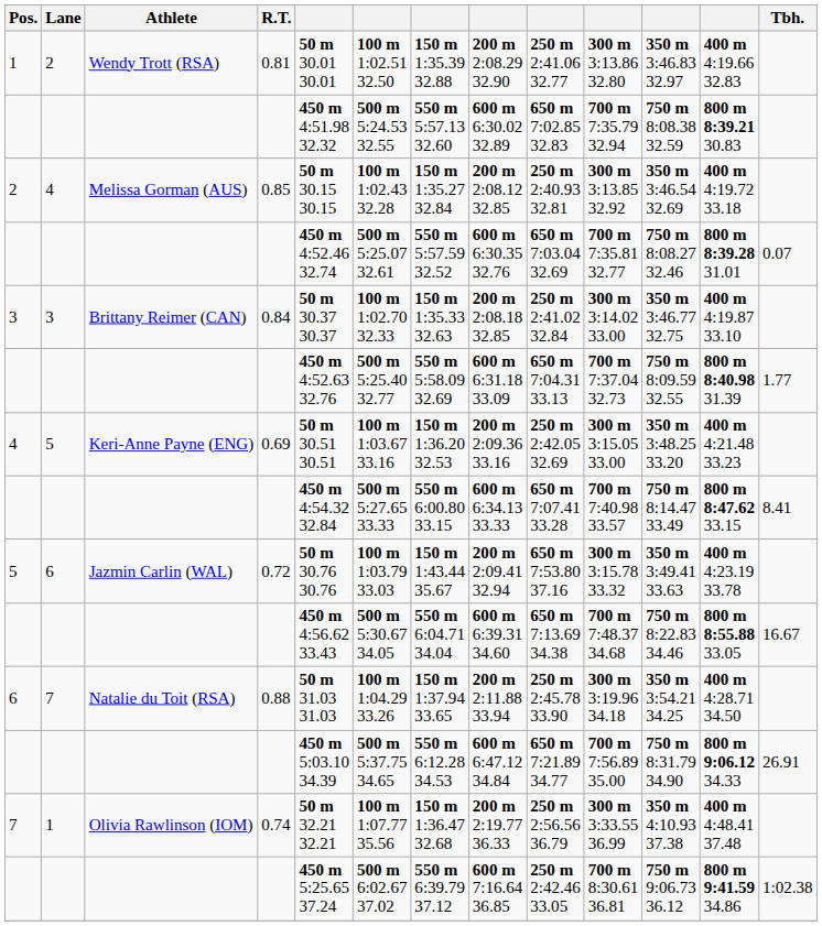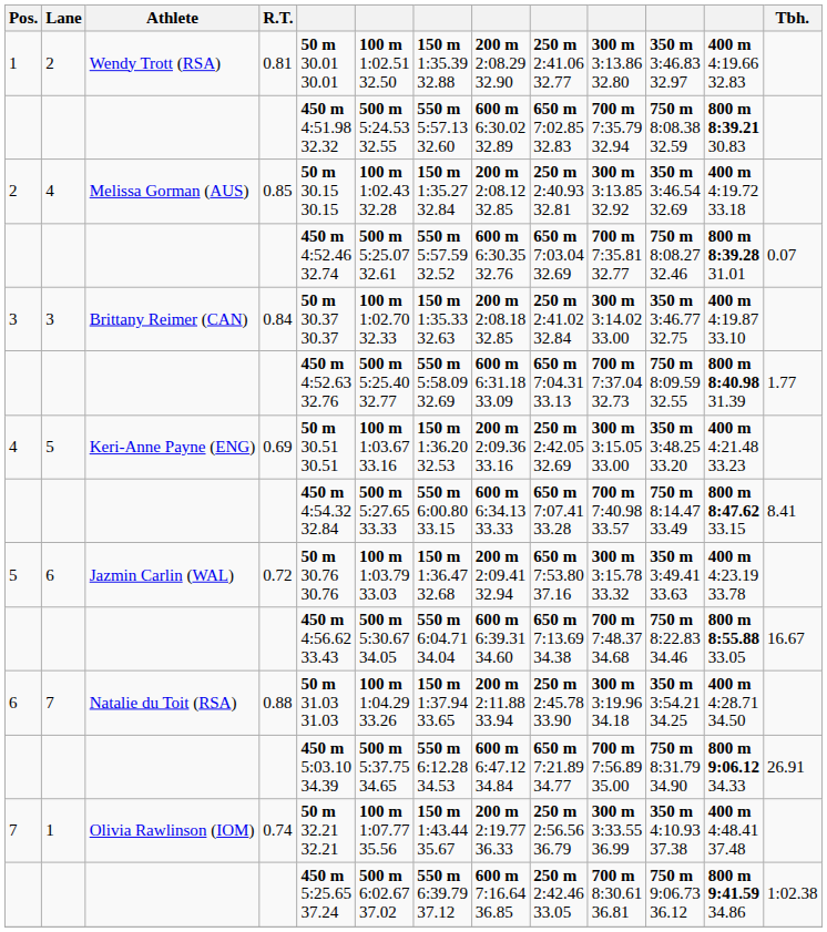 <table class="wikitable">
 <tr>
 <th>Pos.</th>
 <th>Lane</th>
 <th>Athlete</th>
 <th>R.T.</th>
 <th></th>
 <th></th>
 <th></th>
 <th></th>
 <th></th>
 <th></th>
 <th></th>
 <th></th>
 <th>Tbh.</th>
 </tr>
 <tr>
 <td>1</td>
 <td>2</td>
 <td> <a href='#'>Wendy Trott</a> (<a href='#'>RSA</a>)</td>
 <td>0.81</td>
 <td><strong>50 m</strong><br>30.01<br>30.01</td>
 <td><strong>100 m</strong><br>1:02.51<br>32.50</td>
 <td><strong>150 m</strong><br>1:35.39<br>32.88</td>
 <td><strong>200 m</strong><br>2:08.29<br>32.90</td>
 <td><strong>250 m</strong><br>2:41.06<br>32.77</td>
 <td><strong>300 m</strong><br>3:13.86<br>32.80</td>
 <td><strong>350 m</strong><br>3:46.83<br>32.97</td>
 <td><strong>400 m</strong><br>4:19.66<br>32.83</td>
 <td></td>
 </tr>
 <tr>
 <td></td>
 <td></td>
 <td></td>
 <td></td>
 <td><strong>450 m</strong><br>4:51.98<br>32.32</td>
 <td><strong>500 m</strong><br>5:24.53<br>32.55</td>
 <td><strong>550 m</strong><br>5:57.13<br>32.60</td>
 <td><strong>600 m</strong><br>6:30.02<br>32.89</td>
 <td><strong>650 m</strong><br>7:02.85<br>32.83</td>
 <td><strong>700 m</strong><br>7:35.79<br>32.94</td>
 <td><strong>750 m</strong><br>8:08.38<br>32.59</td>
 <td><strong>800 m</strong><br><strong>8:39.21</strong><br>30.83</td>
 <td> </td>
 </tr>
 <tr>
 <td>2</td>
 <td>4</td>
 <td> <a href='#'>Melissa Gorman</a> (<a href='#'>AUS</a>)</td>
 <td>0.85</td>
 <td><strong>50 m</strong><br>30.15<br>30.15</td>
 <td><strong>100 m</strong><br>1:02.43<br>32.28</td>
 <td><strong>150 m</strong><br>1:35.27<br>32.84</td>
 <td><strong>200 m</strong><br>2:08.12<br>32.85</td>
 <td><strong>250 m</strong><br>2:40.93<br>32.81</td>
 <td><strong>300 m</strong><br>3:13.85<br>32.92</td>
 <td><strong>350 m</strong><br>3:46.54<br>32.69</td>
 <td><strong>400 m</strong><br>4:19.72<br>33.18</td>
 <td></td>
 </tr>
 <tr>
 <td></td>
 <td></td>
 <td></td>
 <td></td>
 <td><strong>450 m</strong><br>4:52.46<br>32.74</td>
 <td><strong>500 m</strong><br>5:25.07<br>32.61</td>
 <td><strong>550 m</strong><br>5:57.59<br>32.52</td>
 <td><strong>600 m</strong><br>6:30.35<br>32.76</td>
 <td><strong>650 m</strong><br>7:03.04<br>32.69</td>
 <td><strong>700 m</strong><br>7:35.81<br>32.77</td>
 <td><strong>750 m</strong><br>8:08.27<br>32.46</td>
 <td><strong>800 m</strong><br><strong>8:39.28</strong><br>31.01</td>
 <td>0.07</td>
 </tr>
 <tr>
 <td>3</td>
 <td>3</td>
 <td> <a href='#'>Brittany Reimer</a> (<a href='#'>CAN</a>)</td>
 <td>0.84</td>
 <td><strong>50 m</strong><br>30.37<br>30.37</td>
 <td><strong>100 m</strong><br>1:02.70<br>32.33</td>
 <td><strong>150 m</strong><br>1:35.33<br>32.63</td>
 <td><strong>200 m</strong><br>2:08.18<br>32.85</td>
 <td><strong>250 m</strong><br>2:41.02<br>32.84</td>
 <td><strong>300 m</strong><br>3:14.02<br>33.00</td>
 <td><strong>350 m</strong><br>3:46.77<br>32.75</td>
 <td><strong>400 m</strong><br>4:19.87<br>33.10</td>
 <td></td>
 </tr>
 <tr>
 <td></td>
 <td></td>
 <td></td>
 <td></td>
 <td><strong>450 m</strong><br>4:52.63<br>32.76</td>
 <td><strong>500 m</strong><br>5:25.40<br>32.77</td>
 <td><strong>550 m</strong><br>5:58.09<br>32.69</td>
 <td><strong>600 m</strong><br>6:31.18<br>33.09</td>
 <td><strong>650 m</strong><br>7:04.31<br>33.13</td>
 <td><strong>700 m</strong><br>7:37.04<br>32.73</td>
 <td><strong>750 m</strong><br>8:09.59<br>32.55</td>
 <td><strong>800 m</strong><br><strong>8:40.98</strong><br>31.39</td>
 <td>1.77</td>
 </tr>
 <tr>
 <td>4</td>
 <td>5</td>
 <td> <a href='#'>Keri-Anne Payne</a> (<a href='#'>ENG</a>)</td>
 <td>0.69</td>
 <td><strong>50 m</strong><br>30.51<br>30.51</td>
 <td><strong>100 m</strong><br>1:03.67<br>33.16</td>
 <td><strong>150 m</strong><br>1:36.20<br>32.53</td>
 <td><strong>200 m</strong><br>2:09.36<br>33.16</td>
 <td><strong>250 m</strong><br>2:42.05<br>32.69</td>
 <td><strong>300 m</strong><br>3:15.05<br>33.00</td>
 <td><strong>350 m</strong><br>3:48.25<br>33.20</td>
 <td><strong>400 m</strong><br>4:21.48<br>33.23</td>
 <td></td>
 </tr>
 <tr>
 <td></td>
 <td></td>
 <td></td>
 <td></td>
 <td><strong>450 m</strong><br>4:54.32<br>32.84</td>
 <td><strong>500 m</strong><br>5:27.65<br>33.33</td>
 <td><strong>550 m</strong><br>6:00.80<br>33.15</td>
 <td><strong>600 m</strong><br>6:34.13<br>33.33</td>
 <td><strong>650 m</strong><br>7:07.41<br>33.28</td>
 <td><strong>700 m</strong><br>7:40.98<br>33.57</td>
 <td><strong>750 m</strong><br>8:14.47<br>33.49</td>
 <td><strong>800 m</strong><br><strong>8:47.62</strong><br>33.15</td>
 <td>8.41</td>
 </tr>
 <tr>
 <td>5</td>
 <td>6</td>
 <td> <a href='#'>Jazmin Carlin</a> (<a href='#'>WAL</a>)</td>
 <td>0.72</td>
 <td><strong>50 m</strong><br>30.76<br>30.76</td>
 <td><strong>100 m</strong><br>1:03.79<br>33.03</td>
-<td><strong>150 m</strong><br>1:43.44<br>35.67</td>
+<td><strong>150 m</strong><br>1:36.47<br>32.68</td>
 <td><strong>200 m</strong><br>2:09.41<br>32.94</td>
 <td><strong>650 m</strong><br>7:53.80<br>37.16</td>
 <td><strong>300 m</strong><br>3:15.78<br>33.32</td>
 <td><strong>350 m</strong><br>3:49.41<br>33.63</td>
 <td><strong>400 m</strong><br>4:23.19<br>33.78</td>
 <td></td>
 </tr>
 <tr>
 <td></td>
 <td></td>
 <td></td>
 <td></td>
 <td><strong>450 m</strong><br>4:56.62<br>33.43</td>
 <td><strong>500 m</strong><br>5:30.67<br>34.05</td>
 <td><strong>550 m</strong><br>6:04.71<br>34.04</td>
 <td><strong>600 m</strong><br>6:39.31<br>34.60</td>
 <td><strong>650 m</strong><br>7:13.69<br>34.38</td>
 <td><strong>700 m</strong><br>7:48.37<br>34.68</td>
 <td><strong>750 m</strong><br>8:22.83<br>34.46</td>
 <td><strong>800 m</strong><br><strong>8:55.88</strong><br>33.05</td>
 <td>16.67</td>
 </tr>
 <tr>
 <td>6</td>
 <td>7</td>
 <td> <a href='#'>Natalie du Toit</a> (<a href='#'>RSA</a>)</td>
 <td>0.88</td>
 <td><strong>50 m</strong><br>31.03<br>31.03</td>
 <td><strong>100 m</strong><br>1:04.29<br>33.26</td>
 <td><strong>150 m</strong><br>1:37.94<br>33.65</td>
 <td><strong>200 m</strong><br>2:11.88<br>33.94</td>
 <td><strong>250 m</strong><br>2:45.78<br>33.90</td>
 <td><strong>300 m</strong><br>3:19.96<br>34.18</td>
 <td><strong>350 m</strong><br>3:54.21<br>34.25</td>
 <td><strong>400 m</strong><br>4:28.71<br>34.50</td>
 <td></td>
 </tr>
 <tr>
 <td></td>
 <td></td>
 <td></td>
 <td></td>
 <td><strong>450 m</strong><br>5:03.10<br>34.39</td>
 <td><strong>500 m</strong><br>5:37.75<br>34.65</td>
 <td><strong>550 m</strong><br>6:12.28<br>34.53</td>
 <td><strong>600 m</strong><br>6:47.12<br>34.84</td>
 <td><strong>650 m</strong><br>7:21.89<br>34.77</td>
 <td><strong>700 m</strong><br>7:56.89<br>35.00</td>
 <td><strong>750 m</strong><br>8:31.79<br>34.90</td>
 <td><strong>800 m</strong><br><strong>9:06.12</strong><br>34.33</td>
 <td>26.91</td>
 </tr>
 <tr>
 <td>7</td>
 <td>1</td>
 <td> <a href='#'>Olivia Rawlinson</a> (<a href='#'>IOM</a>)</td>
 <td>0.74</td>
 <td><strong>50 m</strong><br>32.21<br>32.21</td>
 <td><strong>100 m</strong><br>1:07.77<br>35.56</td>
-<td><strong>150 m</strong><br>1:36.47<br>32.68</td>
+<td><strong>150 m</strong><br>1:43.44<br>35.67</td>
 <td><strong>200 m</strong><br>2:19.77<br>36.33</td>
 <td><strong>250 m</strong><br>2:56.56<br>36.79</td>
 <td><strong>300 m</strong><br>3:33.55<br>36.99</td>
 <td><strong>350 m</strong><br>4:10.93<br>37.38</td>
 <td><strong>400 m</strong><br>4:48.41<br>37.48</td>
 <td></td>
 </tr>
 <tr>
 <td></td>
 <td></td>
 <td></td>
 <td></td>
 <td><strong>450 m</strong><br>5:25.65<br>37.24</td>
 <td><strong>500 m</strong><br>6:02.67<br>37.02</td>
 <td><strong>550 m</strong><br>6:39.79<br>37.12</td>
 <td><strong>600 m</strong><br>7:16.64<br>36.85</td>
 <td><strong>250 m</strong><br>2:42.46<br>33.05</td>
 <td><strong>700 m</strong><br>8:30.61<br>36.81</td>
 <td><strong>750 m</strong><br>9:06.73<br>36.12</td>
 <td><strong>800 m</strong><br><strong>9:41.59</strong><br>34.86</td>
 <td>1:02.38</td>
 </tr>
 <tr>
 </tr>
 </table>
